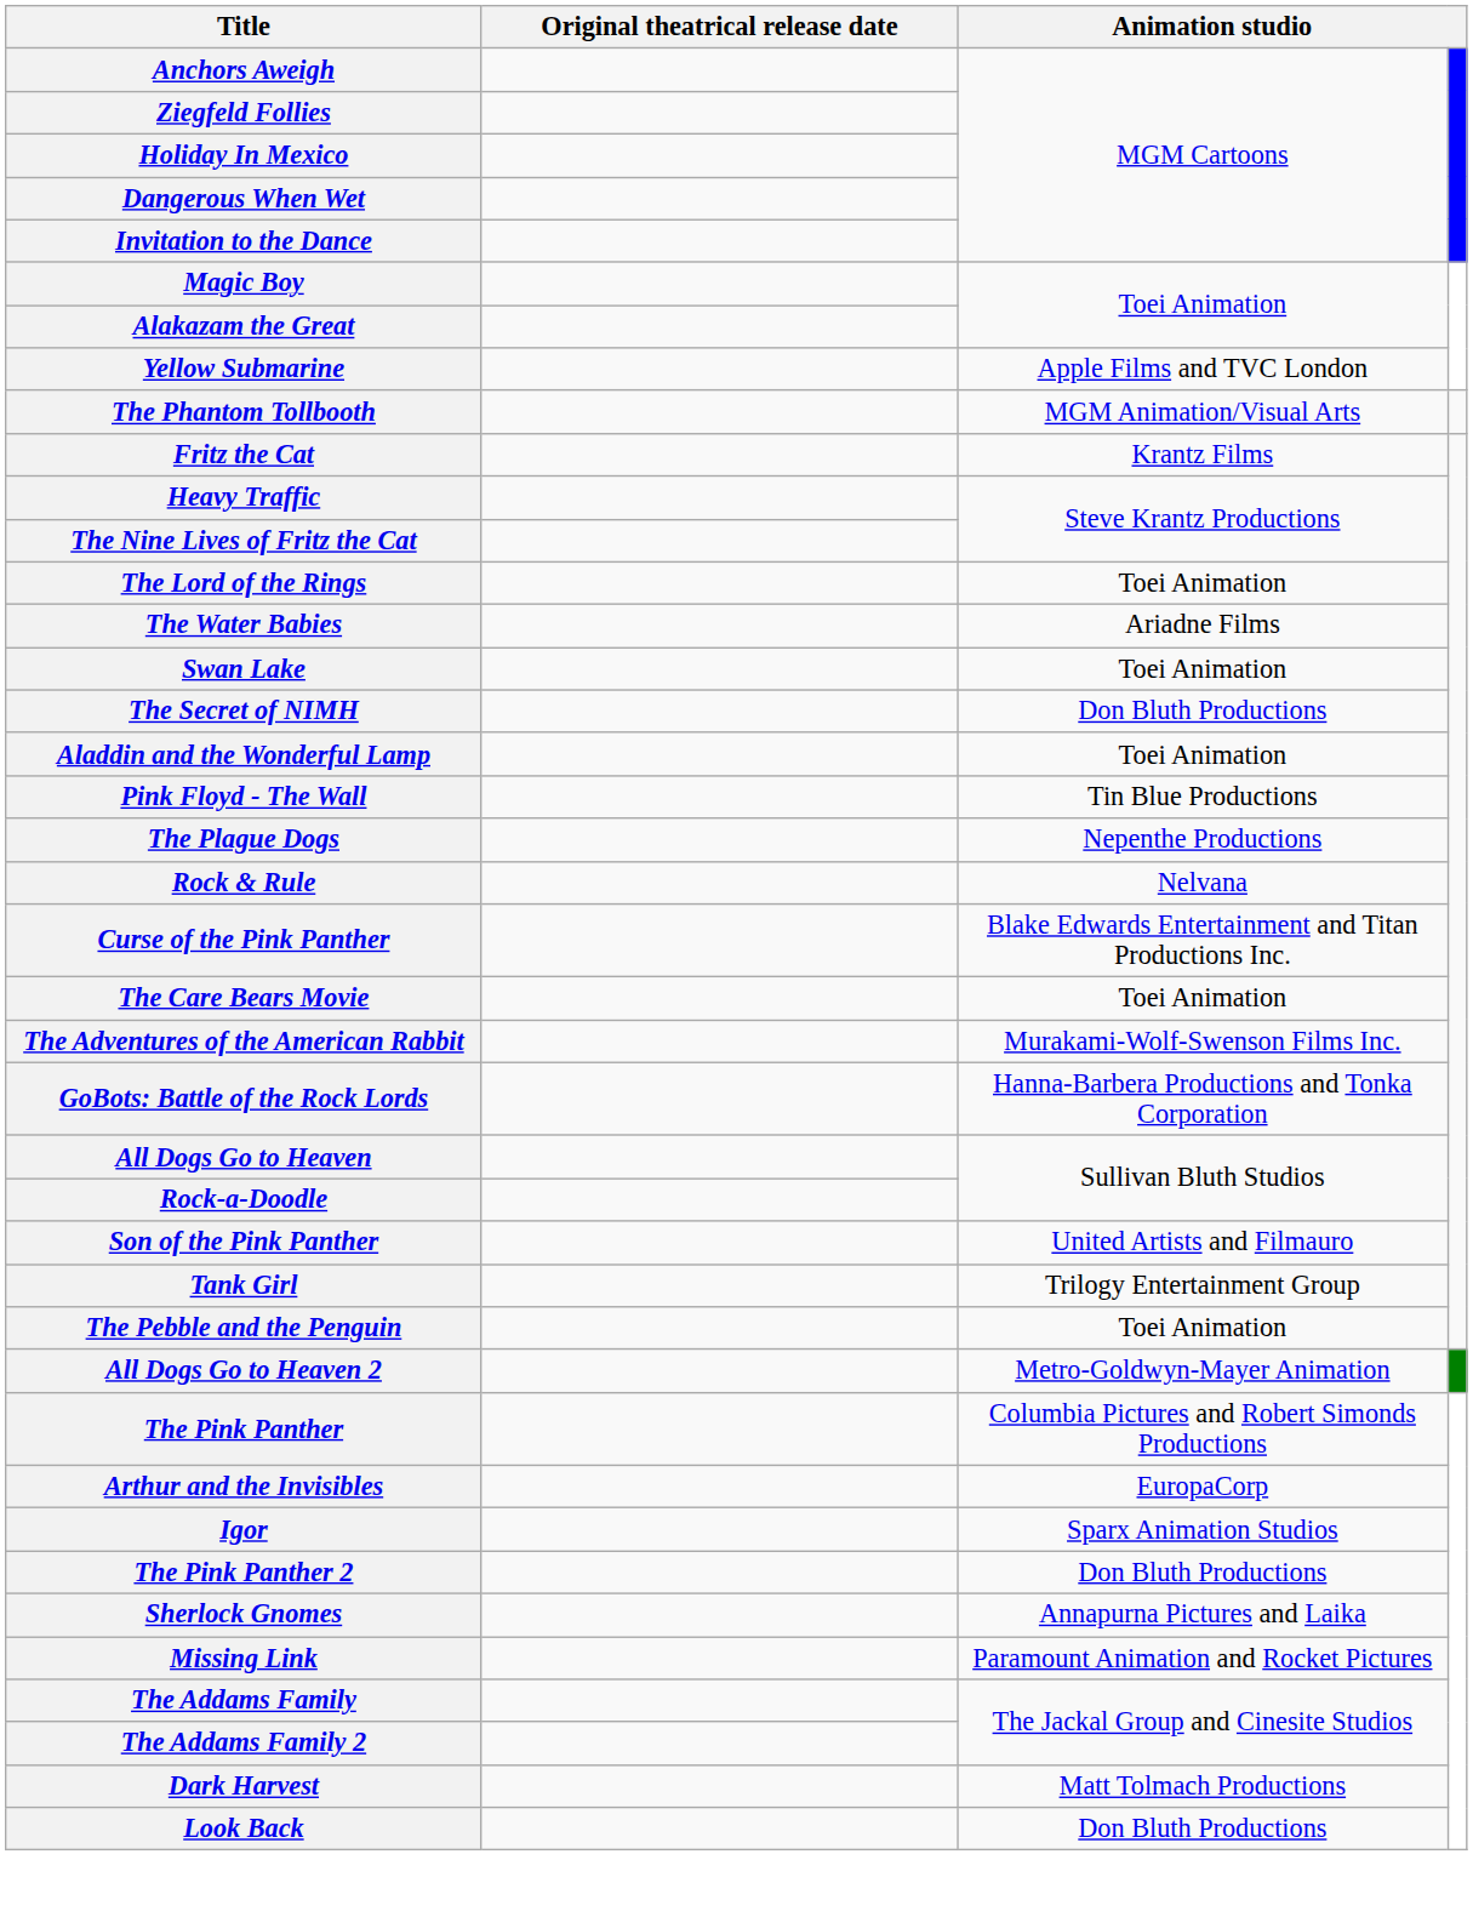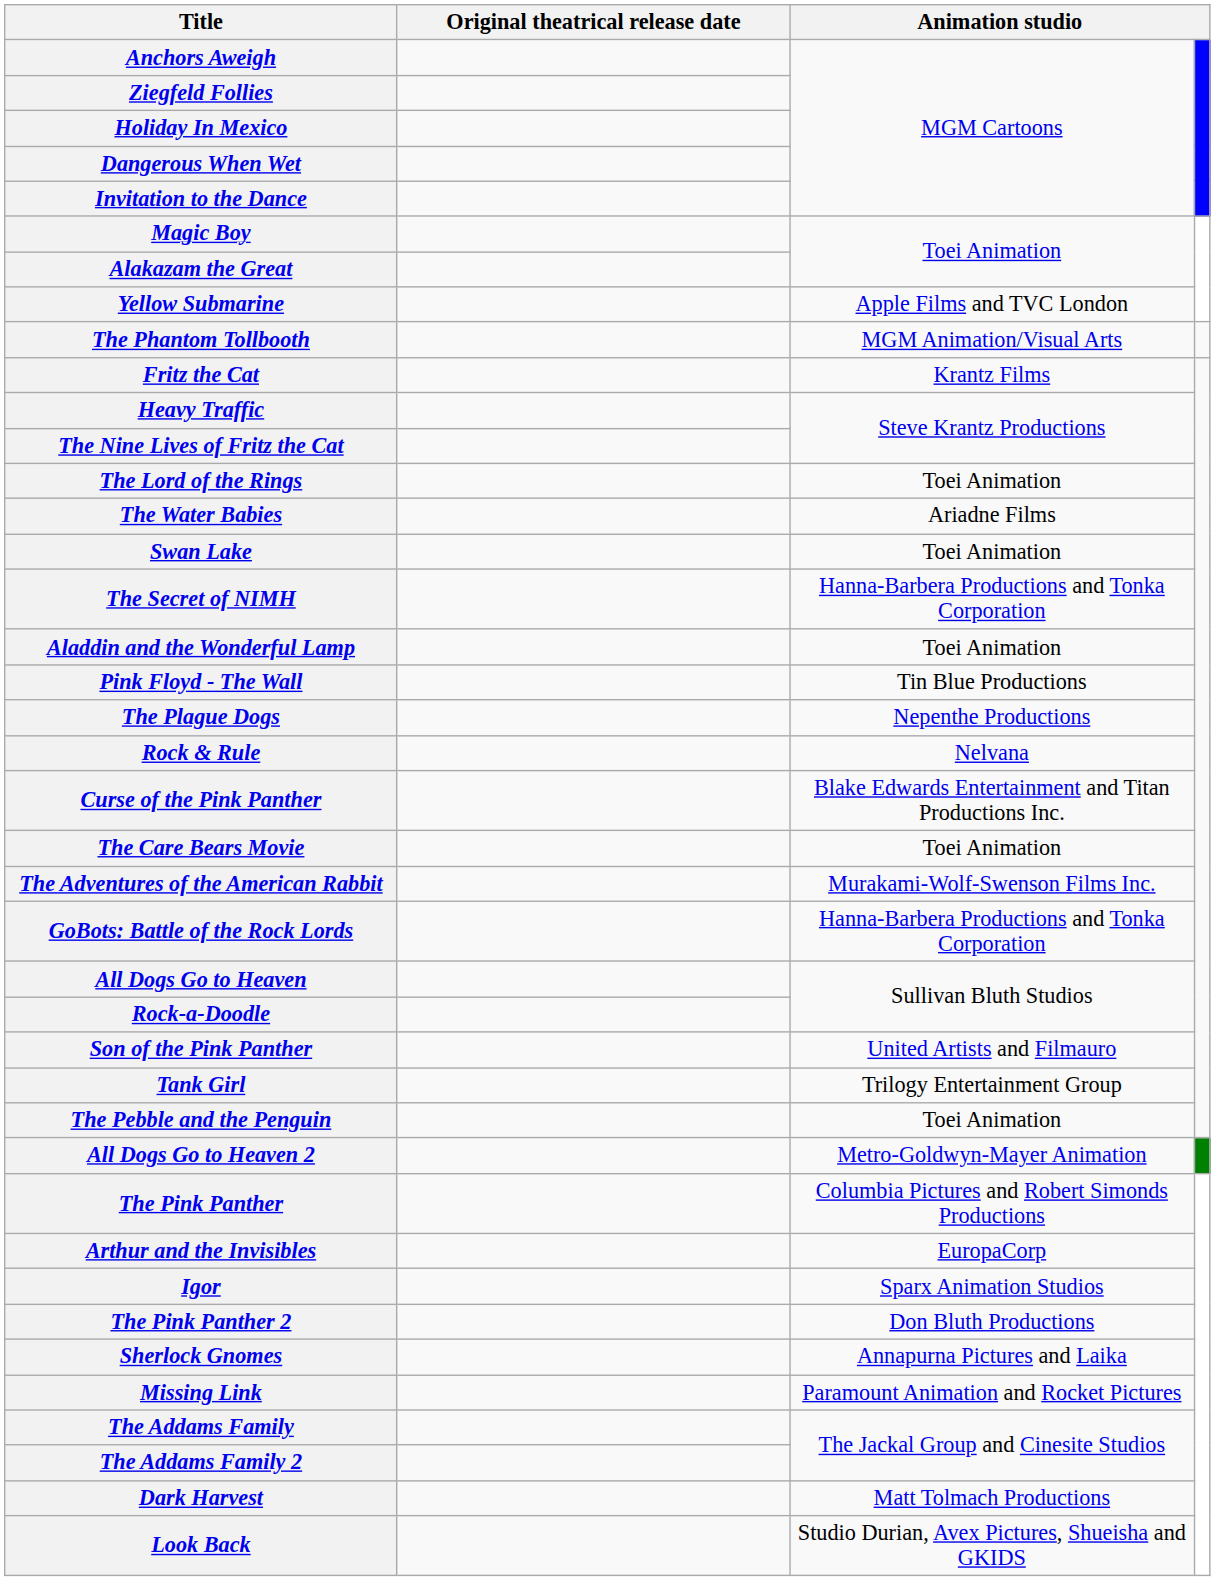 <table class="wikitable sortable plainrowheaders">
 <tr style="color:black">
 <th scope="col" style="width:275px;">Title</th>
 <th scope="col" style="width:275px;">Original theatrical release date </th>
 <th colspan="2" scope="col" style="padding:0 8px; width:250px;">Animation studio</th>
 </tr>
 <tr ´>
 <th scope="row"><em><a href='#'>Anchors Aweigh</a></em></th>
 <td></td>
 <td style="text-align:center;" rowspan="5"><a href='#'>MGM Cartoons</a></td>
 <td style="background:blue; " rowspan="5"> </td>
 </tr>
 <tr>
 <th scope="row"><em><a href='#'>Ziegfeld Follies</a></em></th>
 <td></td>
 </tr>
 <tr>
 <th scope="row"><em><a href='#'>Holiday In Mexico</a></em></th>
 <td></td>
 </tr>
 <tr>
 <th scope="row"><em><a href='#'>Dangerous When Wet</a></em></th>
 <td></td>
 </tr>
 <tr>
 <th scope="row"><em><a href='#'>Invitation to the Dance</a></em></th>
 <td></td>
 </tr>
 <tr>
 <th scope="row"><em><a href='#'>Magic Boy</a></em></th>
 <td></td>
 <td style="text-align:center;" rowspan="2"><a href='#'>Toei Animation</a></td>
 <td style="background:white; " rowspan="3"> </td>
 </tr>
 <tr>
 <th scope="row"><em><a href='#'>Alakazam the Great</a></em></th>
 <td></td>
 </tr>
 <tr>
 <th scope="row"><em><a href='#'>Yellow Submarine</a></em></th>
 <td></td>
 <td style="text-align:center;"><a href='#'>Apple Films</a> and TVC London</td>
 </tr>
 <tr>
 <th scope="row"><em><a href='#'>The Phantom Tollbooth</a></em></th>
 <td></td>
 <td style="text-align:center;"><a href='#'>MGM Animation/Visual Arts</a></td>
 <td rowspan="1"> </td>
 </tr>
 <tr>
 <th scope="row"><em><a href='#'>Fritz the Cat</a></em></th>
 <td></td>
 <td style="text-align:center;"><a href='#'>Krantz Films</a></td>
 <td rowspan="20"> </td>
 </tr>
 <tr>
 <th scope="row"><em><a href='#'>Heavy Traffic</a></em></th>
 <td></td>
 <td style="text-align:center;" rowspan="2"><a href='#'>Steve Krantz Productions</a></td>
 </tr>
 <tr>
 <th scope="row"><em><a href='#'>The Nine Lives of Fritz the Cat</a></em></th>
 <td></td>
 </tr>
 <tr>
 <th scope="row"><em><a href='#'>The Lord of the Rings</a></em></th>
 <td></td>
 <td style="text-align:center;">Toei Animation</td>
 </tr>
 <tr>
 <th scope="row"><em><a href='#'>The Water Babies</a></em></th>
 <td></td>
 <td style="text-align:center;">Ariadne Films</td>
 </tr>
 <tr>
 <th scope="row"><em><a href='#'>Swan Lake</a></em></th>
 <td></td>
 <td style="text-align:center;">Toei Animation</td>
 </tr>
 <tr>
 <th scope="row"><em><a href='#'>The Secret of NIMH</a></em></th>
 <td></td>
-<td style="text-align:center;"><a href='#'>Don Bluth Productions</a></td>
+<td style="text-align:center;"><a href='#'>Hanna-Barbera Productions</a> and <a href='#'>Tonka Corporation</a></td>
 </tr>
 <tr>
 <th scope="row"><em><a href='#'>Aladdin and the Wonderful Lamp</a></em></th>
 <td></td>
 <td style="text-align:center;">Toei Animation</td>
 </tr>
 <tr>
 <th scope="row"><em><a href='#'>Pink Floyd - The Wall</a></em></th>
 <td></td>
 <td style="text-align:center;">Tin Blue Productions</td>
 </tr>
 <tr>
 <th scope="row"><em><a href='#'>The Plague Dogs</a></em></th>
 <td></td>
 <td style="text-align:center;"><a href='#'>Nepenthe Productions</a></td>
 </tr>
 <tr>
 <th scope="row"><em><a href='#'>Rock & Rule</a></em></th>
 <td></td>
 <td style="text-align:center;"><a href='#'>Nelvana</a></td>
 </tr>
 <tr>
 <th scope="row"><em><a href='#'>Curse of the Pink Panther</a></em></th>
 <td></td>
 <td style="text-align:center;"><a href='#'>Blake Edwards Entertainment</a> and Titan Productions Inc.</td>
 </tr>
 <tr>
 <th scope="row"><em><a href='#'>The Care Bears Movie</a></em></th>
 <td></td>
 <td style="text-align:center;">Toei Animation</td>
 </tr>
 <tr>
 <th scope="row"><em><a href='#'>The Adventures of the American Rabbit</a></em></th>
 <td></td>
 <td style="text-align:center;"><a href='#'>Murakami-Wolf-Swenson Films Inc.</a></td>
 </tr>
 <tr>
 <th scope="row"><em><a href='#'>GoBots: Battle of the Rock Lords</a></em></th>
 <td></td>
 <td style="text-align:center;"><a href='#'>Hanna-Barbera Productions</a> and <a href='#'>Tonka Corporation</a></td>
 </tr>
 <tr>
 <th scope="row"><em><a href='#'>All Dogs Go to Heaven</a></em></th>
 <td></td>
 <td style="text-align:center;" rowspan="2">Sullivan Bluth Studios</td>
 </tr>
 <tr>
 <th scope="row"><em><a href='#'>Rock-a-Doodle</a></em></th>
 <td></td>
 </tr>
 <tr>
 <th scope="row"><em><a href='#'>Son of the Pink Panther</a></em></th>
 <td></td>
 <td style="text-align:center;"><a href='#'>United Artists</a> and <a href='#'>Filmauro</a></td>
 </tr>
 <tr>
 <th scope="row"><em><a href='#'>Tank Girl</a></em></th>
 <td></td>
 <td style="text-align:center;">Trilogy Entertainment Group</td>
 </tr>
 <tr>
 <th scope="row"><em><a href='#'>The Pebble and the Penguin</a></em></th>
 <td></td>
 <td style="text-align:center;">Toei Animation</td>
 </tr>
 <tr>
 <th scope="row"><em><a href='#'>All Dogs Go to Heaven 2</a></em></th>
 <td></td>
 <td style="text-align:center;"><a href='#'>Metro-Goldwyn-Mayer Animation</a></td>
 <td style="background:green; "> </td>
 </tr>
 <tr>
 <th scope="row"><em><a href='#'>The Pink Panther</a></em></th>
 <td> </td>
 <td style="text-align:center;"><a href='#'>Columbia Pictures</a> and <a href='#'>Robert Simonds Productions</a></td>
 <td rowspan="10" style="background:white; "> </td>
 </tr>
 <tr>
 <th scope="row"><em><a href='#'>Arthur and the Invisibles</a></em></th>
 <td></td>
 <td style="text-align:center;"><a href='#'>EuropaCorp</a></td>
 </tr>
 <tr>
 <th scope="row"><em><a href='#'>Igor</a></em></th>
 <td></td>
 <td style="text-align:center;"><a href='#'>Sparx Animation Studios</a></td>
 </tr>
 <tr>
 <th scope="row"><em><a href='#'>The Pink Panther 2</a></em></th>
 <td> </td>
 <td style="text-align:center;"><a href='#'>Don Bluth Productions</a></td>
 </tr>
 <tr>
 <th scope="row"><em><a href='#'>Sherlock Gnomes</a></em></th>
 <td></td>
 <td style="text-align:center;"><a href='#'>Annapurna Pictures</a> and <a href='#'>Laika</a></td>
 </tr>
 <tr>
 <th scope="row"><em><a href='#'>Missing Link</a></em></th>
 <td></td>
 <td style="text-align:center;"><a href='#'>Paramount Animation</a> and <a href='#'>Rocket Pictures</a></td>
 </tr>
 <tr>
 <th scope="row"><em><a href='#'>The Addams Family</a></em></th>
 <td></td>
 <td style="text-align:center;" rowspan="2"><a href='#'>The Jackal Group</a> and <a href='#'>Cinesite Studios</a></td>
 </tr>
 <tr>
 <th scope="row"><em><a href='#'>The Addams Family 2</a></em></th>
 <td></td>
 </tr>
 <tr>
 <th scope="row"><em><a href='#'>Dark Harvest</a></em></th>
 <td></td>
 <td style="text-align:center;"><a href='#'>Matt Tolmach Productions</a></td>
 </tr>
 <tr>
 <th scope="row"><em><a href='#'>Look Back</a></em></th>
 <td></td>
-<td style="text-align:center;"><a href='#'>Don Bluth Productions</a></td>
+<td style="text-align:center;">Studio Durian, <a href='#'>Avex Pictures</a>, <a href='#'>Shueisha</a> and <a href='#'>GKIDS</a></td>
 </tr>
 </table>
